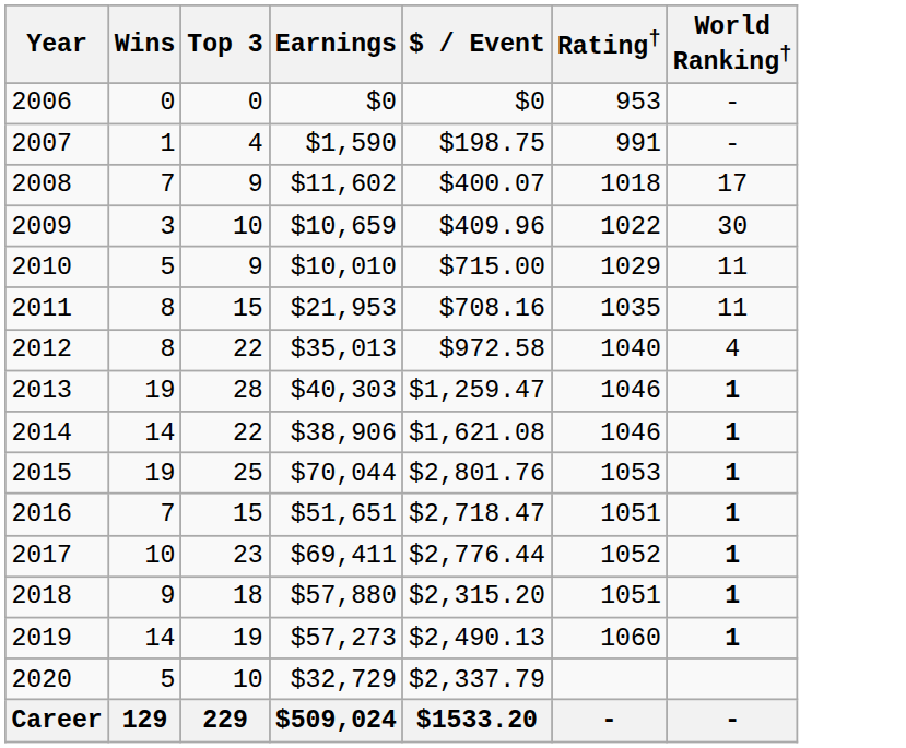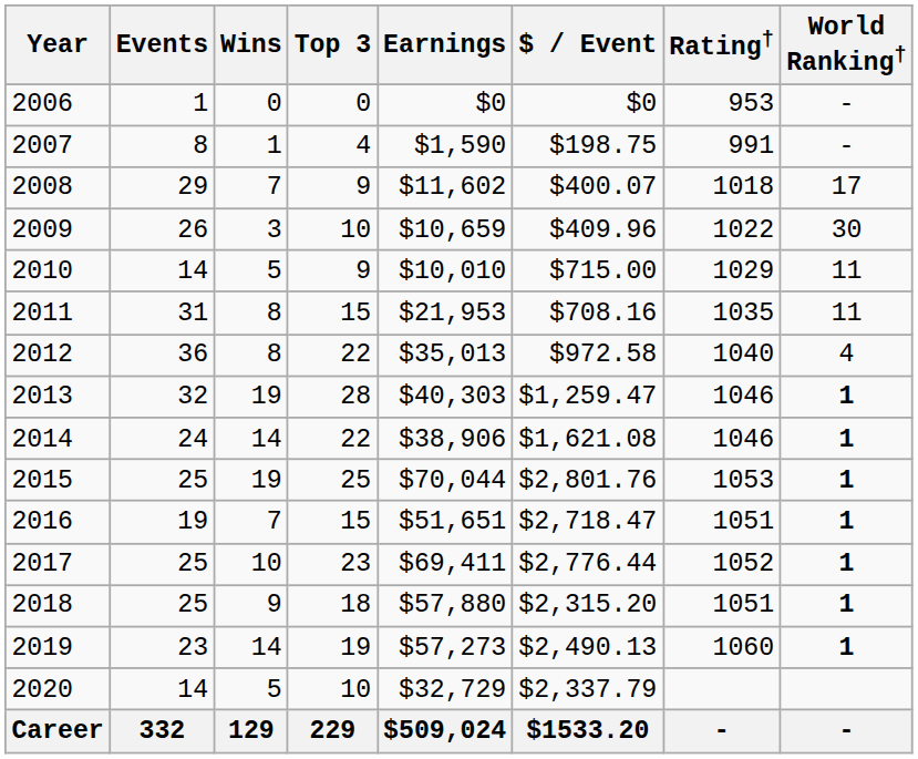 <table class="wikitable">
 <tr>
 <th>Year</th>
+<th>Events</th>
 <th>Wins</th>
 <th>Top 3</th>
 <th>Earnings</th>
 <th>$ / Event</th>
 <th>Rating<sup>†</sup></th>
 <th>World<br>Ranking<sup>†</sup></th>
 </tr>
 <tr>
 <td>2006</td>
+<td align="right">1</td>
 <td align="right">0</td>
 <td align="right">0</td>
 <td align="right">$0</td>
 <td align="right">$0</td>
 <td align="right">953</td>
 <td align=center>-</td>
 </tr>
 <tr>
 <td>2007</td>
+<td align="right">8</td>
 <td align="right">1</td>
 <td align="right">4</td>
 <td align="right">$1,590</td>
 <td align="right">$198.75</td>
 <td align="right">991</td>
 <td align=center>-</td>
 </tr>
 <tr>
 <td>2008</td>
+<td align="right">29</td>
 <td align="right">7</td>
 <td align="right">9</td>
 <td align="right">$11,602</td>
 <td align="right">$400.07</td>
 <td align="right">1018</td>
 <td align=center>17</td>
 </tr>
 <tr>
 <td>2009</td>
+<td align="right">26</td>
 <td align="right">3</td>
 <td align="right">10</td>
 <td align="right">$10,659</td>
 <td align="right">$409.96</td>
 <td align="right">1022</td>
 <td align=center>30</td>
 </tr>
 <tr>
 <td>2010</td>
+<td align="right">14</td>
 <td align="right">5</td>
 <td align="right">9</td>
 <td align="right">$10,010</td>
 <td align="right">$715.00</td>
 <td align="right">1029</td>
 <td align=center>11</td>
 </tr>
 <tr>
 <td>2011</td>
+<td align="right">31</td>
 <td align="right">8</td>
 <td align="right">15</td>
 <td align="right">$21,953</td>
 <td align="right">$708.16</td>
 <td align="right">1035</td>
 <td align=center>11</td>
 </tr>
 <tr>
 <td>2012</td>
+<td align="right">36</td>
 <td align="right">8</td>
 <td align="right">22</td>
 <td align="right">$35,013</td>
 <td align="right">$972.58</td>
 <td align="right">1040</td>
 <td align=center>4</td>
 </tr>
 <tr>
 <td>2013</td>
+<td align="right">32</td>
 <td align="right">19</td>
 <td align="right">28</td>
 <td align="right">$40,303</td>
 <td align="right">$1,259.47</td>
 <td align="right">1046</td>
 <td align=center><strong>1</strong></td>
 </tr>
 <tr>
 <td>2014</td>
+<td align="right">24</td>
 <td align="right">14</td>
 <td align="right">22</td>
 <td align="right">$38,906</td>
 <td align="right">$1,621.08</td>
 <td align="right">1046</td>
 <td align=center><strong>1</strong></td>
 </tr>
 <tr>
 <td>2015</td>
+<td align="right">25</td>
 <td align="right">19</td>
 <td align="right">25</td>
 <td align="right">$70,044</td>
 <td align="right">$2,801.76</td>
 <td align="right">1053</td>
 <td align=center><strong>1</strong></td>
 </tr>
 <tr>
 <td>2016</td>
+<td align="right">19</td>
 <td align="right">7</td>
 <td align="right">15</td>
 <td align="right">$51,651</td>
 <td align="right">$2,718.47</td>
 <td align="right">1051</td>
 <td align=center><strong>1</strong></td>
 </tr>
 <tr>
 <td>2017</td>
+<td align="right">25</td>
 <td align="right">10</td>
 <td align="right">23</td>
 <td align="right">$69,411</td>
 <td align="right">$2,776.44</td>
 <td align="right">1052</td>
 <td align=center><strong>1</strong></td>
 </tr>
 <tr>
 <td>2018</td>
+<td align="right">25</td>
 <td align="right">9</td>
 <td align="right">18</td>
 <td align="right">$57,880</td>
 <td align="right">$2,315.20</td>
 <td align="right">1051</td>
 <td align=center><strong>1</strong></td>
 </tr>
 <tr>
 <td>2019</td>
+<td align="right">23</td>
 <td align="right">14</td>
 <td align="right">19</td>
 <td align="right">$57,273</td>
 <td align="right">$2,490.13</td>
 <td align="right">1060</td>
 <td align=center><strong>1</strong></td>
 </tr>
 <tr>
 <td>2020</td>
+<td align="right">14</td>
 <td align="right">5</td>
 <td align="right">10</td>
 <td align="right">$32,729</td>
 <td align="right">$2,337.79</td>
 <td></td>
 <td></td>
 </tr>
 <tr>
 <th>Career</th>
+<th align="right">332</th>
 <th align="right">129</th>
 <th align="right">229</th>
 <th align="right">$509,024</th>
 <th align="right">$1533.20</th>
 <th align="right">-</th>
 <th>-</th>
 </tr>
 </table>
